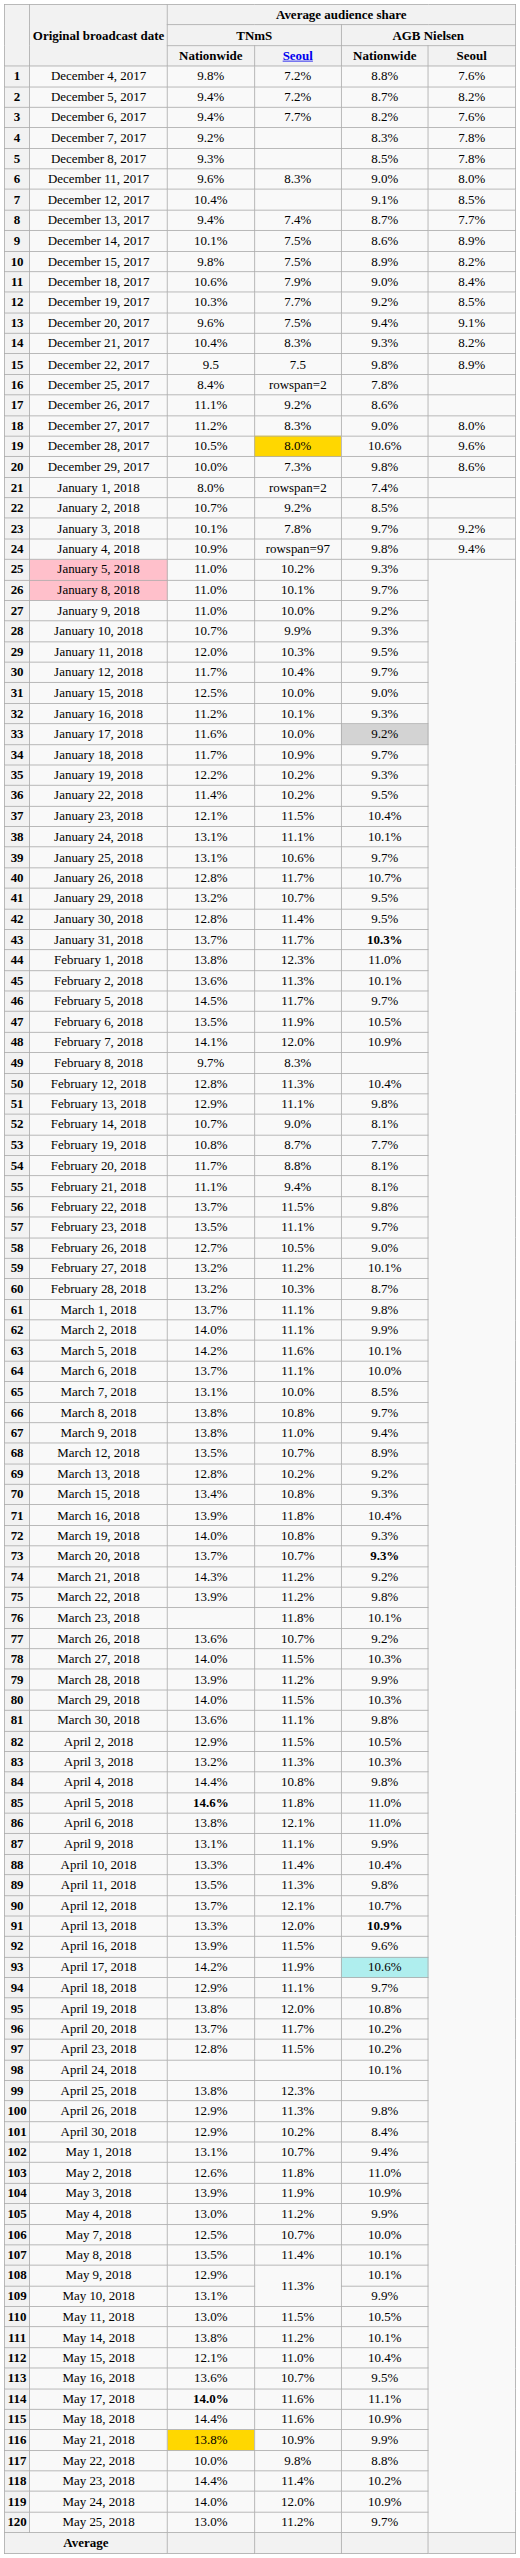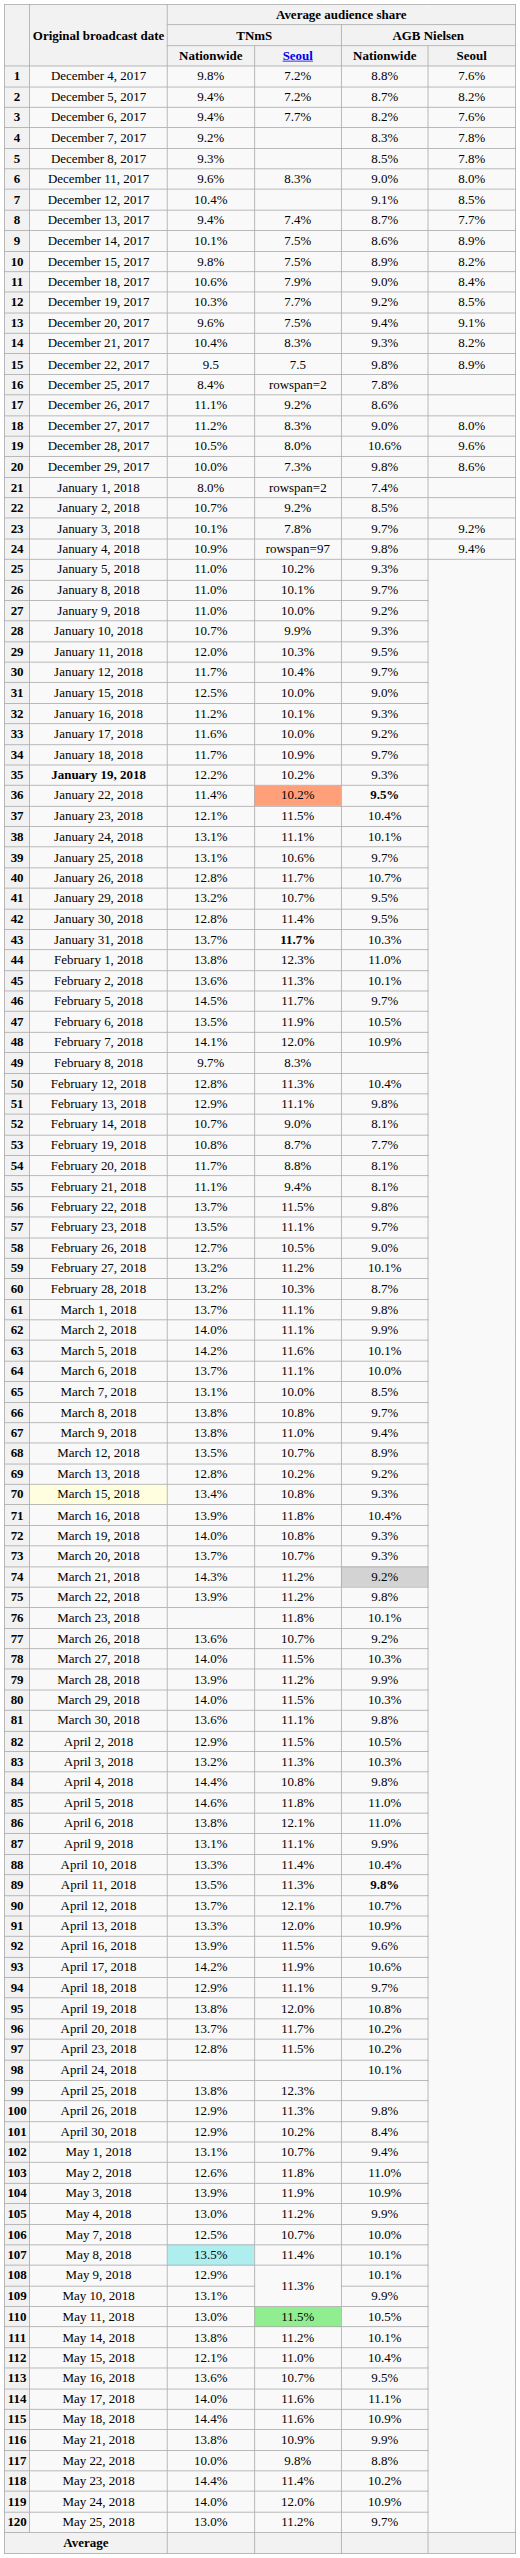 <table class="wikitable" style="text-align:center">
 <tr>
 <th rowspan="3"></th>
 <th rowspan="3">Original broadcast date</th>
 <th colspan="4">Average audience share</th>
 </tr>
 <tr>
 <th colspan="2">TNmS</th>
 <th colspan="2">AGB Nielsen</th>
 </tr>
 <tr>
 <th width=100>Nationwide</th>
 <th width=100><a href='#'>Seoul</a></th>
 <th width=100>Nationwide</th>
 <th width=100>Seoul</th>
 </tr>
 <tr>
 <th>1</th>
 <td>December 4, 2017</td>
 <td>9.8% </td>
 <td>7.2% </td>
 <td>8.8% </td>
 <td>7.6% </td>
 </tr>
 <tr>
 <th>2</th>
 <td>December 5, 2017</td>
 <td>9.4% </td>
 <td>7.2% </td>
 <td>8.7% </td>
 <td>8.2% </td>
 </tr>
 <tr>
 <th>3</th>
 <td>December 6, 2017</td>
 <td>9.4% </td>
 <td>7.7% </td>
 <td>8.2% </td>
 <td>7.6% </td>
 </tr>
 <tr>
 <th>4</th>
 <td>December 7, 2017</td>
 <td>9.2% </td>
 <td> </td>
 <td>8.3% </td>
 <td>7.8% </td>
 </tr>
 <tr>
 <th>5</th>
 <td>December 8, 2017</td>
 <td>9.3% </td>
 <td> </td>
 <td>8.5% </td>
 <td>7.8% </td>
 </tr>
 <tr>
 <th>6</th>
 <td>December 11, 2017</td>
 <td>9.6% </td>
 <td>8.3% </td>
 <td>9.0% </td>
 <td>8.0% </td>
 </tr>
 <tr>
 <th>7</th>
 <td>December 12, 2017</td>
 <td>10.4% </td>
 <td> </td>
 <td>9.1% </td>
 <td>8.5% </td>
 </tr>
 <tr>
 <th>8</th>
 <td>December 13, 2017</td>
 <td>9.4% </td>
 <td>7.4% </td>
 <td>8.7% </td>
 <td>7.7% </td>
 </tr>
 <tr>
 <th>9</th>
 <td>December 14, 2017</td>
 <td>10.1% </td>
 <td>7.5% </td>
 <td>8.6% </td>
 <td>8.9% </td>
 </tr>
 <tr>
 <th>10</th>
 <td>December 15, 2017</td>
 <td>9.8% </td>
 <td>7.5% </td>
 <td>8.9% </td>
 <td>8.2% </td>
 </tr>
 <tr>
 <th>11</th>
 <td>December 18, 2017</td>
 <td>10.6% </td>
 <td>7.9% </td>
 <td>9.0% </td>
 <td>8.4% </td>
 </tr>
 <tr>
 <th>12</th>
 <td>December 19, 2017</td>
 <td>10.3% </td>
 <td>7.7% </td>
 <td>9.2% </td>
 <td>8.5% </td>
 </tr>
 <tr>
 <th>13</th>
 <td>December 20, 2017</td>
 <td>9.6% </td>
 <td>7.5% </td>
 <td>9.4% </td>
 <td>9.1% </td>
 </tr>
 <tr>
 <th>14</th>
 <td>December 21, 2017</td>
 <td>10.4% </td>
 <td>8.3% </td>
 <td>9.3% </td>
 <td>8.2% </td>
 </tr>
 <tr>
 <th>15</th>
 <td>December 22, 2017</td>
 <td>9.5 </td>
 <td>7.5 </td>
 <td>9.8% </td>
 <td>8.9% </td>
 </tr>
 <tr>
 <th>16</th>
 <td>December 25, 2017</td>
 <td>8.4% </td>
 <td>rowspan=2 </td>
 <td>7.8% </td>
 <td></td>
 </tr>
 <tr>
 <th>17</th>
 <td>December 26, 2017</td>
 <td>11.1% </td>
 <td>9.2% </td>
 <td>8.6% </td>
 </tr>
 <tr>
 <th>18</th>
 <td>December 27, 2017</td>
 <td>11.2% </td>
 <td>8.3% </td>
 <td>9.0% </td>
 <td>8.0% </td>
 </tr>
 <tr>
 <th>19</th>
 <td>December 28, 2017</td>
 <td>10.5% </td>
-<td style="background: gold;">8.0% </td>
+<td>8.0% </td>
 <td>10.6% </td>
 <td>9.6% </td>
 </tr>
 <tr>
 <th>20</th>
 <td>December 29, 2017</td>
 <td>10.0% </td>
 <td>7.3% </td>
 <td>9.8% </td>
 <td>8.6% </td>
 </tr>
 <tr>
 <th>21</th>
 <td>January 1, 2018</td>
 <td>8.0% </td>
 <td>rowspan=2 </td>
 <td>7.4% </td>
 <td></td>
 </tr>
 <tr>
 <th>22</th>
 <td>January 2, 2018</td>
 <td>10.7% </td>
 <td>9.2% </td>
 <td>8.5% </td>
 </tr>
 <tr>
 <th>23</th>
 <td>January 3, 2018</td>
 <td>10.1% </td>
 <td>7.8% </td>
 <td>9.7% </td>
 <td>9.2% </td>
 </tr>
 <tr>
 <th>24</th>
 <td>January 4, 2018</td>
 <td>10.9% </td>
 <td>rowspan=97 </td>
 <td>9.8% </td>
 <td>9.4% </td>
 </tr>
 <tr>
 <th>25</th>
-<td style="background: pink;">January 5, 2018</td>
+<td>January 5, 2018</td>
 <td>11.0% </td>
 <td>10.2% </td>
 <td>9.3% </td>
 </tr>
 <tr>
 <th>26</th>
-<td style="background: pink;">January 8, 2018</td>
+<td>January 8, 2018</td>
 <td>11.0% </td>
 <td>10.1% </td>
 <td>9.7% </td>
 </tr>
 <tr>
 <th>27</th>
 <td>January 9, 2018</td>
 <td>11.0% </td>
 <td>10.0% </td>
 <td>9.2% </td>
 </tr>
 <tr>
 <th>28</th>
 <td>January 10, 2018</td>
 <td>10.7% </td>
 <td>9.9% </td>
 <td>9.3% </td>
 </tr>
 <tr>
 <th>29</th>
 <td>January 11, 2018</td>
 <td>12.0% </td>
 <td>10.3% </td>
 <td>9.5% </td>
 </tr>
 <tr>
 <th>30</th>
 <td>January 12, 2018</td>
 <td>11.7% </td>
 <td>10.4% </td>
 <td>9.7% </td>
 </tr>
 <tr>
 <th>31</th>
 <td>January 15, 2018</td>
 <td>12.5% </td>
 <td>10.0% </td>
 <td>9.0% </td>
 </tr>
 <tr>
 <th>32</th>
 <td>January 16, 2018</td>
 <td>11.2% </td>
 <td>10.1% </td>
 <td>9.3% </td>
 </tr>
 <tr>
 <th>33</th>
 <td>January 17, 2018</td>
 <td>11.6% </td>
 <td>10.0% </td>
-<td style="background: lightgrey;">9.2% </td>
+<td>9.2% </td>
 </tr>
 <tr>
 <th>34</th>
 <td>January 18, 2018</td>
 <td>11.7% </td>
 <td>10.9% </td>
 <td>9.7% </td>
 </tr>
 <tr>
 <th>35</th>
-<td>January 19, 2018</td>
+<td><strong>January 19, 2018</strong></td>
 <td>12.2% </td>
 <td>10.2% </td>
 <td>9.3% </td>
 </tr>
 <tr>
 <th>36</th>
 <td>January 22, 2018</td>
 <td>11.4% </td>
-<td>10.2% </td>
-<td>9.5% </td>
+<td style="background: lightsalmon;">10.2% </td>
+<td><strong>9.5% </strong></td>
 </tr>
 <tr>
 <th>37</th>
 <td>January 23, 2018</td>
 <td>12.1% </td>
 <td>11.5% </td>
 <td>10.4% </td>
 </tr>
 <tr>
 <th>38</th>
 <td>January 24, 2018</td>
 <td>13.1% </td>
 <td>11.1% </td>
 <td>10.1% </td>
 </tr>
 <tr>
 <th>39</th>
 <td>January 25, 2018</td>
 <td>13.1% </td>
 <td>10.6% </td>
 <td>9.7% </td>
 </tr>
 <tr>
 <th>40</th>
 <td>January 26, 2018</td>
 <td>12.8% </td>
 <td>11.7% </td>
 <td>10.7% </td>
 </tr>
 <tr>
 <th>41</th>
 <td>January 29, 2018</td>
 <td>13.2% </td>
 <td>10.7% </td>
 <td>9.5% </td>
 </tr>
 <tr>
 <th>42</th>
 <td>January 30, 2018</td>
 <td>12.8% </td>
 <td>11.4% </td>
 <td>9.5% </td>
 </tr>
 <tr>
 <th>43</th>
 <td>January 31, 2018</td>
 <td>13.7% </td>
-<td>11.7% </td>
-<td><strong>10.3% </strong></td>
+<td><strong>11.7% </strong></td>
+<td>10.3% </td>
 </tr>
 <tr>
 <th>44</th>
 <td>February 1, 2018</td>
 <td>13.8% </td>
 <td>12.3% </td>
 <td>11.0% </td>
 </tr>
 <tr>
 <th>45</th>
 <td>February 2, 2018</td>
 <td>13.6% </td>
 <td>11.3% </td>
 <td>10.1% </td>
 </tr>
 <tr>
 <th>46</th>
 <td>February 5, 2018</td>
 <td>14.5% </td>
 <td>11.7% </td>
 <td>9.7% </td>
 </tr>
 <tr>
 <th>47</th>
 <td>February 6, 2018</td>
 <td>13.5% </td>
 <td>11.9% </td>
 <td>10.5% </td>
 </tr>
 <tr>
 <th>48</th>
 <td>February 7, 2018</td>
 <td>14.1% </td>
 <td>12.0% </td>
 <td>10.9% </td>
 </tr>
 <tr>
 <th>49</th>
 <td>February 8, 2018</td>
 <td>9.7% </td>
 <td>8.3% </td>
 <td> </td>
 </tr>
 <tr>
 <th>50</th>
 <td>February 12, 2018</td>
 <td>12.8% </td>
 <td>11.3% </td>
 <td>10.4% </td>
 </tr>
 <tr>
 <th>51</th>
 <td>February 13, 2018</td>
 <td>12.9% </td>
 <td>11.1% </td>
 <td>9.8% </td>
 </tr>
 <tr>
 <th>52</th>
 <td>February 14, 2018</td>
 <td>10.7% </td>
 <td>9.0% </td>
 <td>8.1% </td>
 </tr>
 <tr>
 <th>53</th>
 <td>February 19, 2018</td>
 <td>10.8% </td>
 <td>8.7% </td>
 <td>7.7% </td>
 </tr>
 <tr>
 <th>54</th>
 <td>February 20, 2018</td>
 <td>11.7% </td>
 <td>8.8% </td>
 <td>8.1% </td>
 </tr>
 <tr>
 <th>55</th>
 <td>February 21, 2018</td>
 <td>11.1% </td>
 <td>9.4% </td>
 <td>8.1% </td>
 </tr>
 <tr>
 <th>56</th>
 <td>February 22, 2018</td>
 <td>13.7% </td>
 <td>11.5% </td>
 <td>9.8% </td>
 </tr>
 <tr>
 <th>57</th>
 <td>February 23, 2018</td>
 <td>13.5% </td>
 <td>11.1% </td>
 <td>9.7% </td>
 </tr>
 <tr>
 <th>58</th>
 <td>February 26, 2018</td>
 <td>12.7% </td>
 <td>10.5% </td>
 <td>9.0% </td>
 </tr>
 <tr>
 <th>59</th>
 <td>February 27, 2018</td>
 <td>13.2% </td>
 <td>11.2% </td>
 <td>10.1% </td>
 </tr>
 <tr>
 <th>60</th>
 <td>February 28, 2018</td>
 <td>13.2% </td>
 <td>10.3% </td>
 <td>8.7% </td>
 </tr>
 <tr>
 <th>61</th>
 <td>March 1, 2018</td>
 <td>13.7% </td>
 <td>11.1% </td>
 <td>9.8% </td>
 </tr>
 <tr>
 <th>62</th>
 <td>March 2, 2018</td>
 <td>14.0% </td>
 <td>11.1% </td>
 <td>9.9% </td>
 </tr>
 <tr>
 <th>63</th>
 <td>March 5, 2018</td>
 <td>14.2% </td>
 <td>11.6% </td>
 <td>10.1% </td>
 </tr>
 <tr>
 <th>64</th>
 <td>March 6, 2018</td>
 <td>13.7% </td>
 <td>11.1% </td>
 <td>10.0% </td>
 </tr>
 <tr>
 <th>65</th>
 <td>March 7, 2018</td>
 <td>13.1% </td>
 <td>10.0% </td>
 <td>8.5% </td>
 </tr>
 <tr>
 <th>66</th>
 <td>March 8, 2018</td>
 <td>13.8% </td>
 <td>10.8% </td>
 <td>9.7% </td>
 </tr>
 <tr>
 <th>67</th>
 <td>March 9, 2018</td>
 <td>13.8% </td>
 <td>11.0% </td>
 <td>9.4% </td>
 </tr>
 <tr>
 <th>68</th>
 <td>March 12, 2018</td>
 <td>13.5% </td>
 <td>10.7% </td>
 <td>8.9% </td>
 </tr>
 <tr>
 <th>69</th>
 <td>March 13, 2018</td>
 <td>12.8% </td>
 <td>10.2% </td>
 <td>9.2% </td>
 </tr>
 <tr>
 <th>70</th>
-<td>March 15, 2018</td>
+<td style="background: lightyellow;">March 15, 2018</td>
 <td>13.4% </td>
 <td>10.8% </td>
 <td>9.3% </td>
 </tr>
 <tr>
 <th>71</th>
 <td>March 16, 2018</td>
 <td>13.9% </td>
 <td>11.8% </td>
 <td>10.4% </td>
 </tr>
 <tr>
 <th>72</th>
 <td>March 19, 2018</td>
 <td>14.0% </td>
 <td>10.8% </td>
 <td>9.3% </td>
 </tr>
 <tr>
 <th>73</th>
 <td>March 20, 2018</td>
 <td>13.7% </td>
 <td>10.7% </td>
-<td><strong>9.3% </strong></td>
+<td>9.3% </td>
 </tr>
 <tr>
 <th>74</th>
 <td>March 21, 2018</td>
 <td>14.3% </td>
 <td>11.2% </td>
-<td>9.2% </td>
+<td style="background: lightgrey;">9.2% </td>
 </tr>
 <tr>
 <th>75</th>
 <td>March 22, 2018</td>
 <td>13.9% </td>
 <td>11.2% </td>
 <td>9.8% </td>
 </tr>
 <tr>
 <th>76</th>
 <td>March 23, 2018</td>
 <td> </td>
 <td>11.8% </td>
 <td>10.1% </td>
 </tr>
 <tr>
 <th>77</th>
 <td>March 26, 2018</td>
 <td>13.6% </td>
 <td>10.7% </td>
 <td>9.2% </td>
 </tr>
 <tr>
 <th>78</th>
 <td>March 27, 2018</td>
 <td>14.0% </td>
 <td>11.5% </td>
 <td>10.3% </td>
 </tr>
 <tr>
 <th>79</th>
 <td>March 28, 2018</td>
 <td>13.9% </td>
 <td>11.2% </td>
 <td>9.9% </td>
 </tr>
 <tr>
 <th>80</th>
 <td>March 29, 2018</td>
 <td>14.0% </td>
 <td>11.5% </td>
 <td>10.3% </td>
 </tr>
 <tr>
 <th>81</th>
 <td>March 30, 2018</td>
 <td>13.6% </td>
 <td>11.1% </td>
 <td>9.8% </td>
 </tr>
 <tr>
 <th>82</th>
 <td>April 2, 2018</td>
 <td>12.9% </td>
 <td>11.5% </td>
 <td>10.5% </td>
 </tr>
 <tr>
 <th>83</th>
 <td>April 3, 2018</td>
 <td>13.2% </td>
 <td>11.3% </td>
 <td>10.3% </td>
 </tr>
 <tr>
 <th>84</th>
 <td>April 4, 2018</td>
 <td>14.4% </td>
 <td>10.8% </td>
 <td>9.8% </td>
 </tr>
 <tr>
 <th>85</th>
 <td>April 5, 2018</td>
-<td><strong>14.6% </strong></td>
+<td>14.6% </td>
 <td>11.8% </td>
 <td>11.0% </td>
 </tr>
 <tr>
 <th>86</th>
 <td>April 6, 2018</td>
 <td>13.8% </td>
 <td>12.1% </td>
 <td>11.0% </td>
 </tr>
 <tr>
 <th>87</th>
 <td>April 9, 2018</td>
 <td>13.1% </td>
 <td>11.1% </td>
 <td>9.9% </td>
 </tr>
 <tr>
 <th>88</th>
 <td>April 10, 2018</td>
 <td>13.3% </td>
 <td>11.4% </td>
 <td>10.4% </td>
 </tr>
 <tr>
 <th>89</th>
 <td>April 11, 2018</td>
 <td>13.5% </td>
 <td>11.3% </td>
-<td>9.8% </td>
+<td><strong>9.8% </strong></td>
 </tr>
 <tr>
 <th>90</th>
 <td>April 12, 2018</td>
 <td>13.7% </td>
 <td>12.1% </td>
 <td>10.7% </td>
 </tr>
 <tr>
 <th>91</th>
 <td>April 13, 2018</td>
 <td>13.3% </td>
 <td>12.0% </td>
-<td><strong>10.9% </strong></td>
+<td>10.9% </td>
 </tr>
 <tr>
 <th>92</th>
 <td>April 16, 2018</td>
 <td>13.9% </td>
 <td>11.5% </td>
 <td>9.6% </td>
 </tr>
 <tr>
 <th>93</th>
 <td>April 17, 2018</td>
 <td>14.2% </td>
 <td>11.9% </td>
-<td style="background: paleturquoise;">10.6% </td>
+<td>10.6% </td>
 </tr>
 <tr>
 <th>94</th>
 <td>April 18, 2018</td>
 <td>12.9% </td>
 <td>11.1% </td>
 <td>9.7% </td>
 </tr>
 <tr>
 <th>95</th>
 <td>April 19, 2018</td>
 <td>13.8% </td>
 <td>12.0% </td>
 <td>10.8% </td>
 </tr>
 <tr>
 <th>96</th>
 <td>April 20, 2018</td>
 <td>13.7% </td>
 <td>11.7% </td>
 <td>10.2% </td>
 </tr>
 <tr>
 <th>97</th>
 <td>April 23, 2018</td>
 <td>12.8% </td>
 <td>11.5% </td>
 <td>10.2% </td>
 </tr>
 <tr>
 <th>98</th>
 <td>April 24, 2018</td>
 <td> </td>
 <td> </td>
 <td>10.1% </td>
 </tr>
 <tr>
 <th>99</th>
 <td>April 25, 2018</td>
 <td>13.8% </td>
 <td>12.3% </td>
 <td> </td>
 </tr>
 <tr>
 <th>100</th>
 <td>April 26, 2018</td>
 <td>12.9% </td>
 <td>11.3% </td>
 <td>9.8% </td>
 </tr>
 <tr>
 <th>101</th>
 <td>April 30, 2018</td>
 <td>12.9% </td>
 <td>10.2% </td>
 <td>8.4% </td>
 </tr>
 <tr>
 <th>102</th>
 <td>May 1, 2018</td>
 <td>13.1% </td>
 <td>10.7% </td>
 <td>9.4% </td>
 </tr>
 <tr>
 <th>103</th>
 <td>May 2, 2018</td>
 <td>12.6% </td>
 <td>11.8% </td>
 <td>11.0% </td>
 </tr>
 <tr>
 <th>104</th>
 <td>May 3, 2018</td>
 <td>13.9% </td>
 <td>11.9% </td>
 <td>10.9% </td>
 </tr>
 <tr>
 <th>105</th>
 <td>May 4, 2018</td>
 <td>13.0% </td>
 <td>11.2% </td>
 <td>9.9% </td>
 </tr>
 <tr>
 <th>106</th>
 <td>May 7, 2018</td>
 <td>12.5% </td>
 <td>10.7% </td>
 <td>10.0% </td>
 </tr>
 <tr>
 <th>107</th>
 <td>May 8, 2018</td>
-<td>13.5% </td>
+<td style="background: paleturquoise;">13.5% </td>
 <td>11.4% </td>
 <td>10.1% </td>
 </tr>
 <tr>
 <th>108</th>
 <td>May 9, 2018</td>
 <td>12.9% </td>
 <td rowspan=2>11.3% </td>
 <td>10.1% </td>
 </tr>
 <tr>
 <th>109</th>
 <td>May 10, 2018</td>
 <td>13.1% </td>
 <td>9.9% </td>
 </tr>
 <tr>
 <th>110</th>
 <td>May 11, 2018</td>
 <td>13.0% </td>
-<td>11.5% </td>
+<td style="background: lightgreen;">11.5% </td>
 <td>10.5% </td>
 </tr>
 <tr>
 <th>111</th>
 <td>May 14, 2018</td>
 <td>13.8% </td>
 <td>11.2% </td>
 <td>10.1% </td>
 </tr>
 <tr>
 <th>112</th>
 <td>May 15, 2018</td>
 <td>12.1% </td>
 <td>11.0% </td>
 <td>10.4% </td>
 </tr>
 <tr>
 <th>113</th>
 <td>May 16, 2018</td>
 <td>13.6% </td>
 <td>10.7% </td>
 <td>9.5% </td>
 </tr>
 <tr>
 <th>114</th>
 <td>May 17, 2018</td>
-<td><strong>14.0% </strong></td>
+<td>14.0% </td>
 <td>11.6% </td>
 <td>11.1% </td>
 </tr>
 <tr>
 <th>115</th>
 <td>May 18, 2018</td>
 <td>14.4% </td>
 <td>11.6% </td>
 <td>10.9% </td>
 </tr>
 <tr>
 <th>116</th>
 <td>May 21, 2018</td>
-<td style="background: gold;">13.8% </td>
+<td>13.8% </td>
 <td>10.9% </td>
 <td>9.9% </td>
 </tr>
 <tr>
 <th>117</th>
 <td>May 22, 2018</td>
 <td>10.0% </td>
 <td>9.8% </td>
 <td>8.8% </td>
 </tr>
 <tr>
 <th>118</th>
 <td>May 23, 2018</td>
 <td>14.4% </td>
 <td>11.4% </td>
 <td>10.2% </td>
 </tr>
 <tr>
 <th>119</th>
 <td>May 24, 2018</td>
 <td>14.0% </td>
 <td>12.0% </td>
 <td>10.9% </td>
 </tr>
 <tr>
 <th>120</th>
 <td>May 25, 2018</td>
 <td>13.0% </td>
 <td>11.2% </td>
 <td>9.7% </td>
 </tr>
 <tr>
 <th colspan="2">Average</th>
 <th></th>
 <th></th>
 <th></th>
 <th></th>
 </tr>
 </table>
